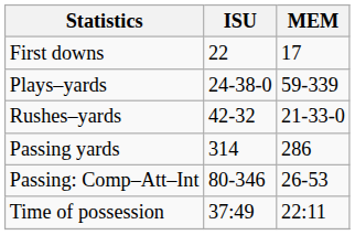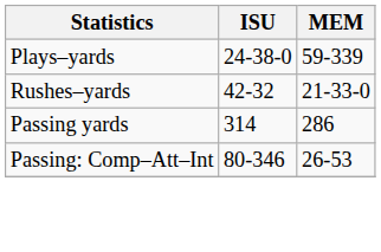 <table class="wikitable">
 <tr>
 <th>Statistics</th>
 <th>ISU</th>
 <th>MEM</th>
-</tr>
-<tr>
-<td>First downs</td>
-<td>22</td>
-<td>17</td>
 </tr>
 <tr>
 <td>Plays–yards</td>
 <td>24-38-0</td>
 <td>59-339</td>
 </tr>
 <tr>
 <td>Rushes–yards</td>
 <td>42-32</td>
 <td>21-33-0</td>
 </tr>
 <tr>
 <td>Passing yards</td>
 <td>314</td>
 <td>286</td>
 </tr>
 <tr>
 <td>Passing: Comp–Att–Int</td>
 <td>80-346</td>
 <td>26-53</td>
 </tr>
 <tr>
-<td>Time of possession</td>
-<td>37:49</td>
-<td>22:11</td>
-</tr>
-<tr>
 </tr>
 </table>
